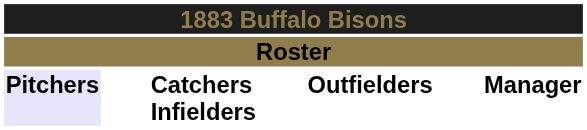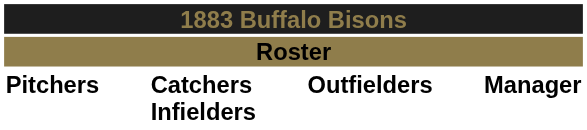 <table class="toccolours" style="font-size: 95%;">
 <tr>
 <th colspan="10" style="background-color: #1E1E1E; color: #8F7D4B; text-align: center;">1883 Buffalo Bisons</th>
 </tr>
 <tr>
 <td colspan="10" style="background-color: #8F7D4B; color: 1E1E1E; text-align: center;"><strong>Roster</strong></td>
 </tr>
 <tr>
-<td valign="top" style="background: lavender;"><strong>Pitchers</strong><br>    </td>
+<td valign="top"><strong>Pitchers</strong><br>    </td>
 <td width="25px"></td>
 <td valign="top"><strong>Catchers</strong><br>  <strong>Infielders</strong>    </td>
 <td width="25px"></td>
 <td valign="top"><strong>Outfielders</strong><br>      </td>
 <td width="25px"></td>
 <td valign="top"><strong>Manager</strong><br></td>
 </tr>
 </table>
